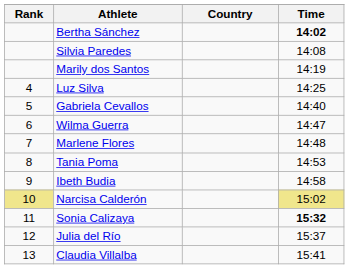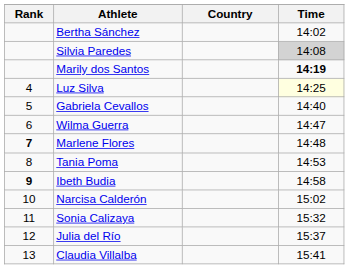 <table class="wikitable sortable" style=" text-align:center; font-size:95%;" width="50%">
 <tr>
 </tr>
 <tr>
 <th width=5%>Rank</th>
 <th width=20%>Athlete</th>
 <th width=15%>Country</th>
 <th width=10%>Time</th>
 </tr>
 <tr>
 <td align=center></td>
 <td align=left><a href='#'>Bertha Sánchez</a></td>
 <td align=left></td>
-<td><strong>14:02</strong></td>
+<td>14:02</td>
 </tr>
 <tr>
 <td align=center></td>
 <td align=left><a href='#'>Silvia Paredes</a></td>
 <td align=left></td>
-<td>14:08</td>
+<td style="background: lightgrey;">14:08</td>
 </tr>
 <tr>
 <td align=center></td>
 <td align=left><a href='#'>Marily dos Santos</a></td>
 <td align=left></td>
-<td>14:19</td>
+<td><strong>14:19</strong></td>
 </tr>
 <tr>
 <td align=center>4</td>
 <td align=left><a href='#'>Luz Silva</a></td>
 <td align=left></td>
-<td>14:25</td>
+<td style="background: lightyellow;">14:25</td>
 </tr>
 <tr>
 <td align=center>5</td>
 <td align=left><a href='#'>Gabriela Cevallos</a></td>
 <td align=left></td>
 <td>14:40</td>
 </tr>
 <tr>
 <td align=center>6</td>
 <td align=left><a href='#'>Wilma Guerra</a></td>
 <td align=left></td>
 <td>14:47</td>
 </tr>
 <tr>
-<td align=center>7</td>
+<td align=center><strong>7</strong></td>
 <td align=left><a href='#'>Marlene Flores</a></td>
 <td align=left></td>
 <td>14:48</td>
 </tr>
 <tr>
 <td align=center>8</td>
 <td align=left><a href='#'>Tania Poma</a></td>
 <td align=left></td>
 <td>14:53</td>
 </tr>
 <tr>
-<td align=center>9</td>
+<td align=center><strong>9</strong></td>
 <td align=left><a href='#'>Ibeth Budia</a></td>
 <td align=left></td>
 <td>14:58</td>
 </tr>
 <tr>
-<td align=center style="background: khaki;">10</td>
+<td align=center>10</td>
 <td align=left><a href='#'>Narcisa Calderón</a></td>
 <td align=left></td>
-<td style="background: khaki;">15:02</td>
+<td>15:02</td>
 </tr>
 <tr>
 <td align=center>11</td>
 <td align=left><a href='#'>Sonia Calizaya</a></td>
 <td align=left></td>
-<td><strong>15:32</strong></td>
+<td>15:32</td>
 </tr>
 <tr>
 <td align=center>12</td>
 <td align=left><a href='#'>Julia del Río</a></td>
 <td align=left></td>
 <td>15:37</td>
 </tr>
 <tr>
 <td align=center>13</td>
 <td align=left><a href='#'>Claudia Villalba</a></td>
 <td align=left></td>
 <td>15:41</td>
 </tr>
 </table>
